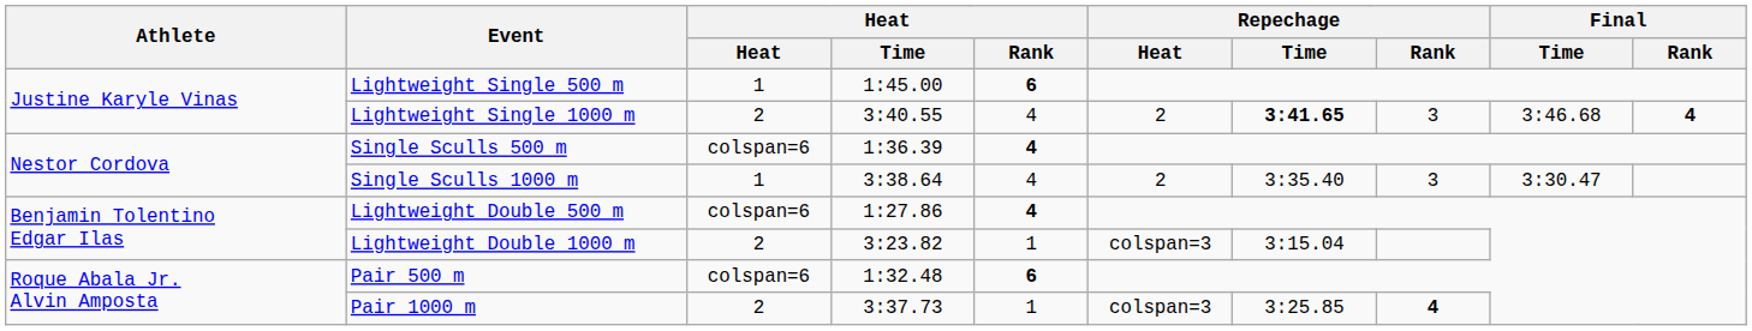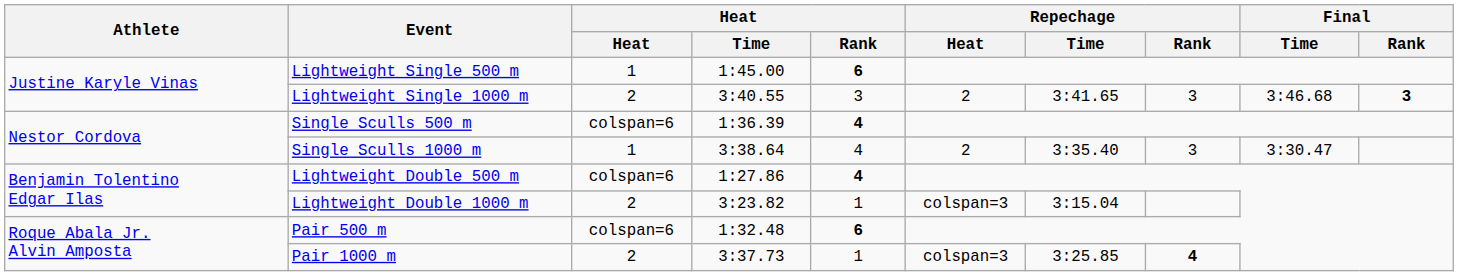 <table class="wikitable" width="85%" style="text-align:center; font-size:90%">
 <tr>
 <th rowspan="2" width="12%">Athlete</th>
 <th rowspan="2" width="12%">Event</th>
 <th colspan="3" width="12%">Heat</th>
 <th colspan="3" width="12%">Repechage</th>
 <th colspan="2" width="9%">Final</th>
 </tr>
 <tr>
 <th width="3%">Heat</th>
 <th width="5%">Time</th>
 <th>Rank</th>
 <th width="3%">Heat</th>
 <th width="5%">Time</th>
 <th>Rank</th>
 <th width="5%">Time</th>
 <th>Rank</th>
 </tr>
 <tr>
 <td rowspan=2 align="left"><a href='#'>Justine Karyle Vinas</a></td>
 <td style="text-align:left;"><a href='#'>Lightweight Single 500 m</a></td>
 <td>1</td>
 <td>1:45.00</td>
 <td><strong>6</strong></td>
 </tr>
 <tr>
 <td style="text-align:left;"><a href='#'>Lightweight Single 1000 m</a></td>
 <td>2</td>
 <td>3:40.55</td>
-<td>4</td>
+<td>3</td>
 <td>2</td>
-<td><strong>3:41.65</strong></td>
+<td>3:41.65</td>
 <td>3</td>
 <td>3:46.68</td>
-<td><strong>4</strong></td>
+<td><strong>3</strong></td>
 </tr>
 <tr>
 <td rowspan=2 align="left"><a href='#'>Nestor Cordova</a></td>
 <td style="text-align:left;"><a href='#'>Single Sculls 500 m</a></td>
 <td>colspan=6  </td>
 <td>1:36.39</td>
 <td><strong>4</strong></td>
 </tr>
 <tr>
 <td style="text-align:left;"><a href='#'>Single Sculls 1000 m</a></td>
 <td>1</td>
 <td>3:38.64</td>
 <td>4</td>
 <td>2</td>
 <td>3:35.40</td>
 <td>3</td>
 <td>3:30.47</td>
 <td></td>
 </tr>
 <tr>
 <td rowspan=2 align="left"><a href='#'>Benjamin Tolentino</a><br><a href='#'>Edgar Ilas</a></td>
 <td style="text-align:left;"><a href='#'>Lightweight Double 500 m</a></td>
 <td>colspan=6  </td>
 <td>1:27.86</td>
 <td><strong>4</strong></td>
 </tr>
 <tr>
 <td style="text-align:left;"><a href='#'>Lightweight Double 1000 m</a></td>
 <td>2</td>
 <td>3:23.82</td>
 <td>1</td>
 <td>colspan=3  </td>
 <td>3:15.04</td>
 <td></td>
 </tr>
 <tr>
 <td rowspan=2 align="left"><a href='#'>Roque Abala Jr.</a><br><a href='#'>Alvin Amposta</a></td>
 <td style="text-align:left;"><a href='#'>Pair 500 m</a></td>
 <td>colspan=6  </td>
 <td>1:32.48</td>
 <td><strong>6</strong></td>
 </tr>
 <tr>
 <td style="text-align:left;"><a href='#'>Pair 1000 m</a></td>
 <td>2</td>
 <td>3:37.73</td>
 <td>1</td>
 <td>colspan=3  </td>
 <td>3:25.85</td>
 <td><strong>4</strong></td>
 </tr>
 </table>
